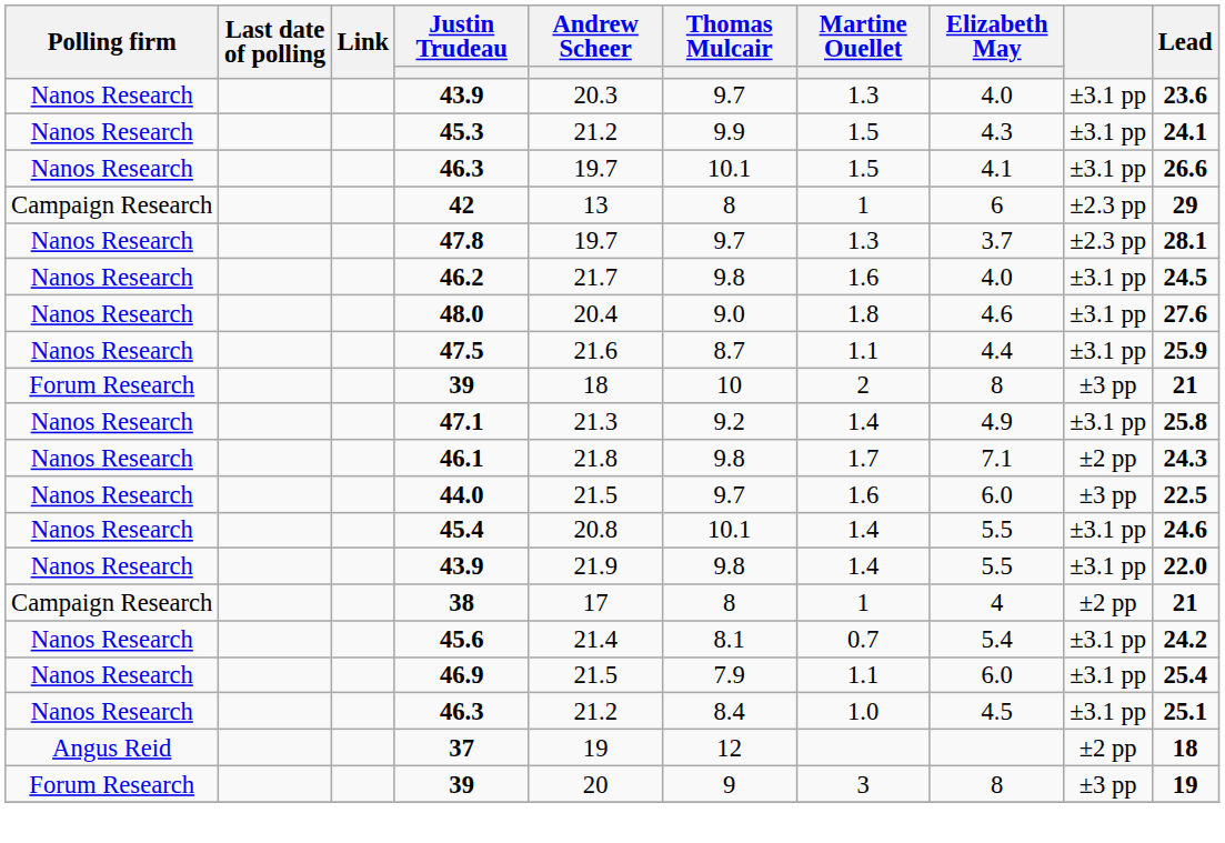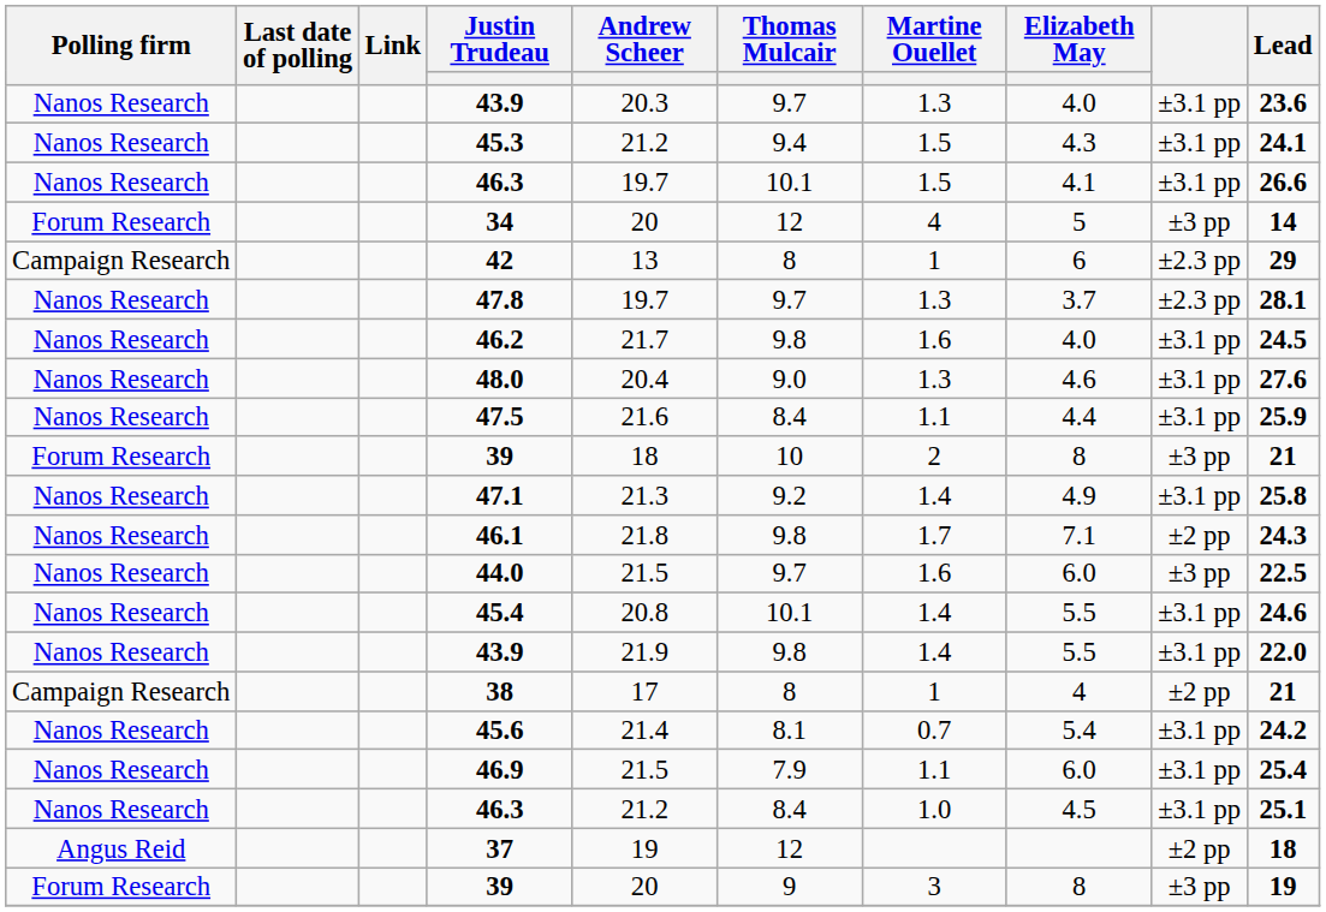 <table class="wikitable sortable mw-datatable" style="text-align:center;font-size:90%;line-height:14px;">
 <tr>
 <th rowspan="2">Polling firm</th>
 <th rowspan="2">Last date<br>of polling</th>
 <th rowspan="2">Link</th>
 <th class="unsortable" style="width:70px;"><a href='#'>Justin Trudeau</a></th>
 <th class="unsortable" style="width:70px;"><a href='#'>Andrew Scheer</a></th>
 <th class="unsortable" style="width:70px;"><a href='#'>Thomas Mulcair</a></th>
 <th class="unsortable" style="width:70px;"><a href='#'>Martine Ouellet</a></th>
 <th class="unsortable" style="width:70px;"><a href='#'>Elizabeth May</a></th>
 <th rowspan="2"></th>
 <th rowspan="2">Lead</th>
 </tr>
 <tr style="background:#e9e9e9;">
 <th style="background-color:"></th>
 <th style="background-color:"></th>
 <th style="background-color:"></th>
 <th style="background-color:"></th>
 <th style="background-color:"></th>
 </tr>
 <tr>
 <td><a href='#'>Nanos Research</a></td>
 <td></td>
 <td></td>
 <td><strong>43.9</strong></td>
 <td>20.3</td>
 <td>9.7</td>
 <td>1.3</td>
 <td>4.0</td>
 <td>±3.1 pp</td>
 <td><strong>23.6</strong></td>
 </tr>
 <tr>
 <td><a href='#'>Nanos Research</a></td>
 <td></td>
 <td></td>
 <td><strong>45.3</strong></td>
 <td>21.2</td>
-<td>9.9</td>
+<td>9.4</td>
 <td>1.5</td>
 <td>4.3</td>
 <td>±3.1 pp</td>
 <td><strong>24.1</strong></td>
 </tr>
 <tr>
 <td><a href='#'>Nanos Research</a></td>
 <td></td>
 <td></td>
 <td><strong>46.3</strong></td>
 <td>19.7</td>
 <td>10.1</td>
 <td>1.5</td>
 <td>4.1</td>
 <td>±3.1 pp</td>
 <td><strong>26.6</strong></td>
+</tr>
+<tr>
+<td><a href='#'>Forum Research</a></td>
+<td></td>
+<td></td>
+<td><strong>34</strong></td>
+<td>20</td>
+<td>12</td>
+<td>4</td>
+<td>5</td>
+<td>±3 pp</td>
+<td><strong>14</strong></td>
 </tr>
 <tr>
 <td>Campaign Research</td>
 <td></td>
 <td></td>
 <td><strong>42</strong></td>
 <td>13</td>
 <td>8</td>
 <td>1</td>
 <td>6</td>
 <td>±2.3 pp</td>
 <td><strong>29</strong></td>
 </tr>
 <tr>
 <td><a href='#'>Nanos Research</a></td>
 <td></td>
 <td></td>
 <td><strong>47.8</strong></td>
 <td>19.7</td>
 <td>9.7</td>
 <td>1.3</td>
 <td>3.7</td>
 <td>±2.3 pp</td>
 <td><strong>28.1</strong></td>
 </tr>
 <tr>
 <td><a href='#'>Nanos Research</a></td>
 <td></td>
 <td></td>
 <td><strong>46.2</strong></td>
 <td>21.7</td>
 <td>9.8</td>
 <td>1.6</td>
 <td>4.0</td>
 <td>±3.1 pp</td>
 <td><strong>24.5</strong></td>
 </tr>
 <tr>
 <td><a href='#'>Nanos Research</a></td>
 <td></td>
 <td></td>
 <td><strong>48.0</strong></td>
 <td>20.4</td>
 <td>9.0</td>
-<td>1.8</td>
+<td>1.3</td>
 <td>4.6</td>
 <td>±3.1 pp</td>
 <td><strong>27.6</strong></td>
 </tr>
 <tr>
 <td><a href='#'>Nanos Research</a></td>
 <td></td>
 <td></td>
 <td><strong>47.5</strong></td>
 <td>21.6</td>
-<td>8.7</td>
+<td>8.4</td>
 <td>1.1</td>
 <td>4.4</td>
 <td>±3.1 pp</td>
 <td><strong>25.9</strong></td>
 </tr>
 <tr>
 <td><a href='#'>Forum Research</a></td>
 <td></td>
 <td></td>
 <td><strong>39</strong></td>
 <td>18</td>
 <td>10</td>
 <td>2</td>
 <td>8</td>
 <td>±3 pp</td>
 <td><strong>21</strong></td>
 </tr>
 <tr>
 <td><a href='#'>Nanos Research</a></td>
 <td></td>
 <td></td>
 <td><strong>47.1</strong></td>
 <td>21.3</td>
 <td>9.2</td>
 <td>1.4</td>
 <td>4.9</td>
 <td>±3.1 pp</td>
 <td><strong>25.8</strong></td>
 </tr>
 <tr>
 <td><a href='#'>Nanos Research</a></td>
 <td></td>
 <td></td>
 <td><strong>46.1</strong></td>
 <td>21.8</td>
 <td>9.8</td>
 <td>1.7</td>
 <td>7.1</td>
 <td>±2 pp</td>
 <td><strong>24.3</strong></td>
 </tr>
 <tr>
 <td><a href='#'>Nanos Research</a></td>
 <td></td>
 <td></td>
 <td><strong>44.0</strong></td>
 <td>21.5</td>
 <td>9.7</td>
 <td>1.6</td>
 <td>6.0</td>
 <td>±3 pp</td>
 <td><strong>22.5</strong></td>
 </tr>
 <tr>
 <td><a href='#'>Nanos Research</a></td>
 <td></td>
 <td></td>
 <td><strong>45.4</strong></td>
 <td>20.8</td>
 <td>10.1</td>
 <td>1.4</td>
 <td>5.5</td>
 <td>±3.1 pp</td>
 <td><strong>24.6</strong></td>
 </tr>
 <tr>
 <td><a href='#'>Nanos Research</a></td>
 <td></td>
 <td></td>
 <td><strong>43.9</strong></td>
 <td>21.9</td>
 <td>9.8</td>
 <td>1.4</td>
 <td>5.5</td>
 <td>±3.1 pp</td>
 <td><strong>22.0</strong></td>
 </tr>
 <tr>
 <td>Campaign Research</td>
 <td></td>
 <td></td>
 <td><strong>38</strong></td>
 <td>17</td>
 <td>8</td>
 <td>1</td>
 <td>4</td>
 <td>±2 pp</td>
 <td><strong>21</strong></td>
 </tr>
 <tr>
 <td><a href='#'>Nanos Research</a></td>
 <td></td>
 <td></td>
 <td><strong>45.6</strong></td>
 <td>21.4</td>
 <td>8.1</td>
 <td>0.7</td>
 <td>5.4</td>
 <td>±3.1 pp</td>
 <td><strong>24.2</strong></td>
 </tr>
 <tr>
 <td><a href='#'>Nanos Research</a></td>
 <td></td>
 <td></td>
 <td><strong>46.9</strong></td>
 <td>21.5</td>
 <td>7.9</td>
 <td>1.1</td>
 <td>6.0</td>
 <td>±3.1 pp</td>
 <td><strong>25.4</strong></td>
 </tr>
 <tr>
 <td><a href='#'>Nanos Research</a></td>
 <td></td>
 <td></td>
 <td><strong>46.3</strong></td>
 <td>21.2</td>
 <td>8.4</td>
 <td>1.0</td>
 <td>4.5</td>
 <td>±3.1 pp</td>
 <td><strong>25.1</strong></td>
 </tr>
 <tr>
 <td><a href='#'>Angus Reid</a></td>
 <td></td>
 <td></td>
 <td><strong>37</strong></td>
 <td>19</td>
 <td>12</td>
 <td></td>
 <td></td>
 <td>±2 pp</td>
 <td><strong>18</strong></td>
 </tr>
 <tr>
 <td><a href='#'>Forum Research</a></td>
 <td></td>
 <td></td>
 <td><strong>39</strong></td>
 <td>20</td>
 <td>9</td>
 <td>3</td>
 <td>8</td>
 <td>±3 pp</td>
 <td><strong>19</strong></td>
 </tr>
 <tr>
 </tr>
 </table>
